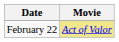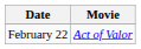 <table class="wikitable plainrowheaders">
 <tr>
 <th scope="col">Date</th>
 <th scope="col">Movie</th>
 </tr>
 <tr>
 </tr>
 <tr>
 <td>February 22</td>
-<td style="background: khaki;"><em><a href='#'>Act of Valor</a></em></td>
+<td><em><a href='#'>Act of Valor</a></em></td>
 </tr>
 </table>
